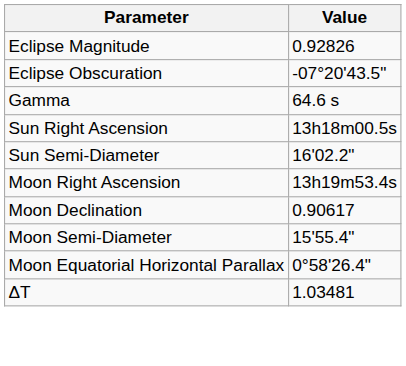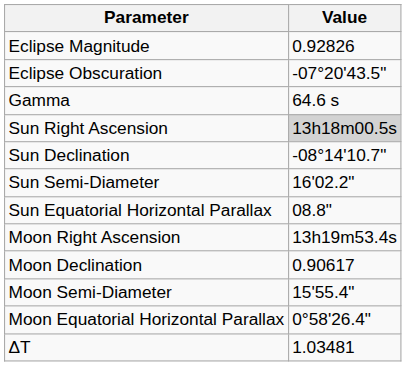 <table class="wikitable">
 <tr>
 <th>Parameter</th>
 <th>Value</th>
 </tr>
 <tr>
 <td>Eclipse Magnitude</td>
 <td>0.92826</td>
 </tr>
 <tr>
 <td>Eclipse Obscuration</td>
 <td>-07°20'43.5"</td>
 </tr>
 <tr>
 <td>Gamma</td>
 <td>64.6 s</td>
 </tr>
 <tr>
 <td>Sun Right Ascension</td>
-<td>13h18m00.5s</td>
+<td style="background: lightgrey;">13h18m00.5s</td>
+</tr>
+<tr>
+<td>Sun Declination</td>
+<td>-08°14'10.7"</td>
 </tr>
 <tr>
 <td>Sun Semi-Diameter</td>
 <td>16'02.2"</td>
+</tr>
+<tr>
+<td>Sun Equatorial Horizontal Parallax</td>
+<td>08.8"</td>
 </tr>
 <tr>
 <td>Moon Right Ascension</td>
 <td>13h19m53.4s</td>
 </tr>
 <tr>
 <td>Moon Declination</td>
 <td>0.90617</td>
 </tr>
 <tr>
 <td>Moon Semi-Diameter</td>
 <td>15'55.4"</td>
 </tr>
 <tr>
 <td>Moon Equatorial Horizontal Parallax</td>
 <td>0°58'26.4"</td>
 </tr>
 <tr>
 <td>ΔT</td>
 <td>1.03481</td>
 </tr>
 </table>
